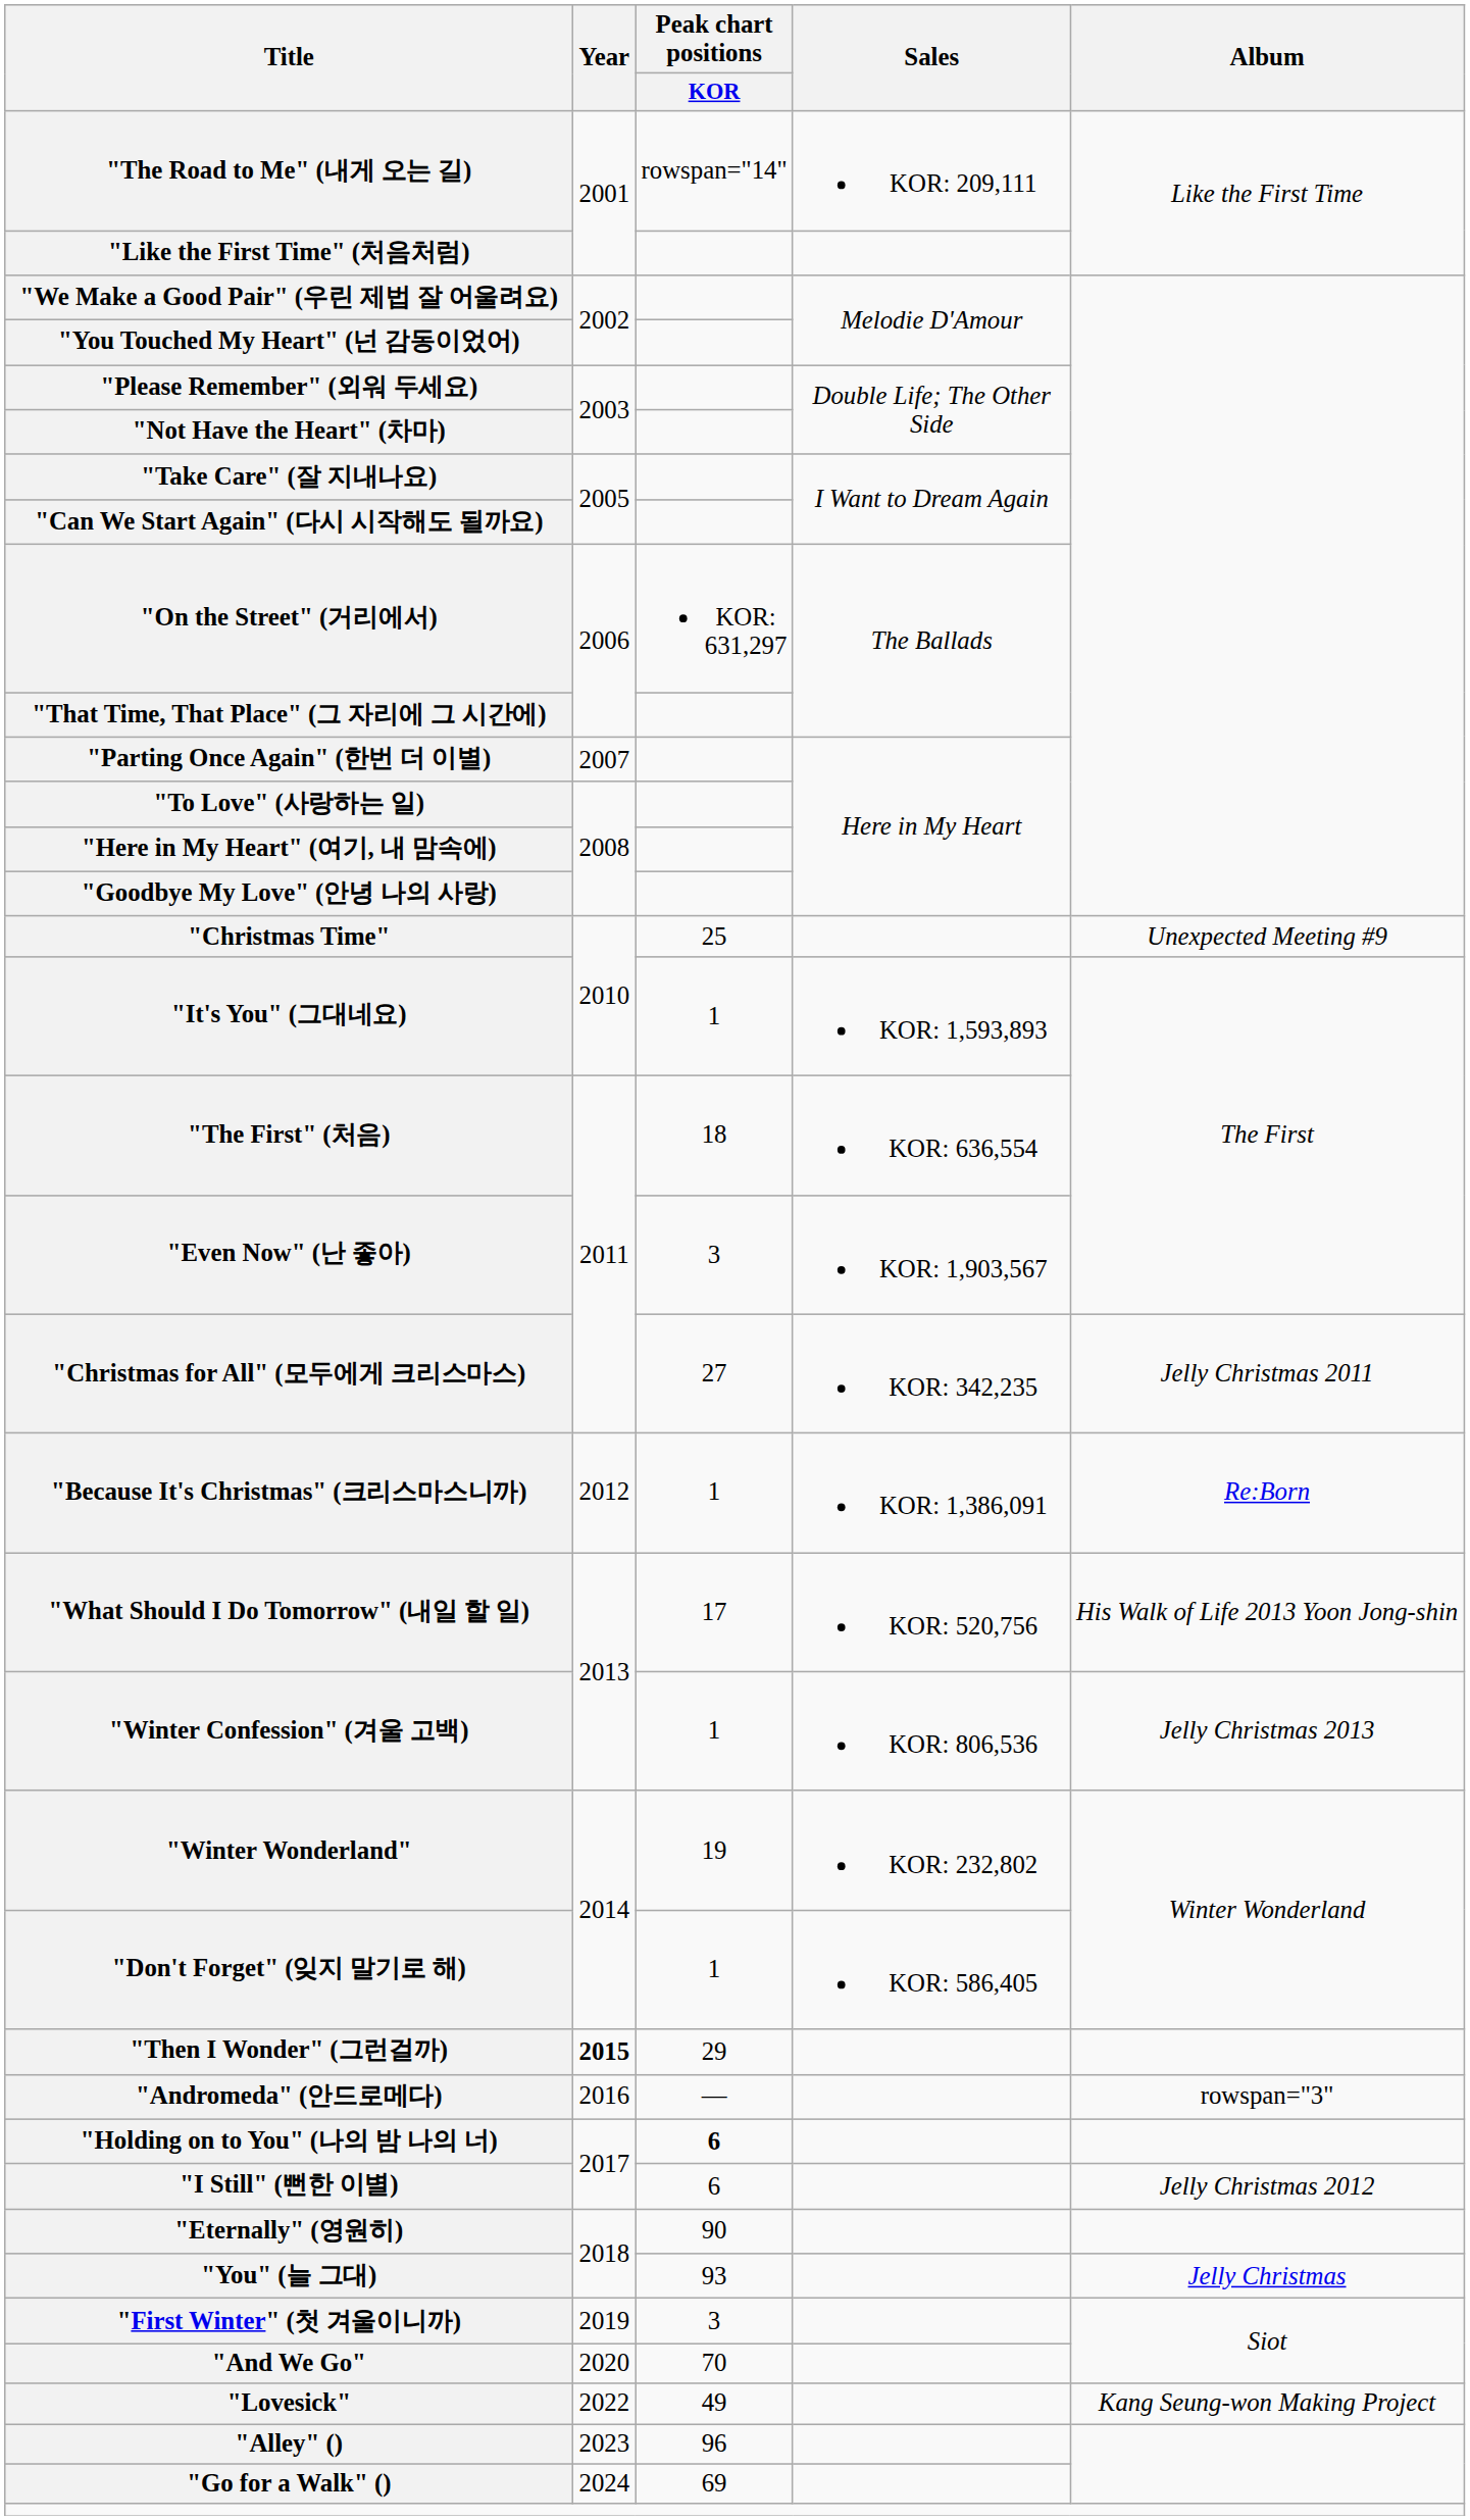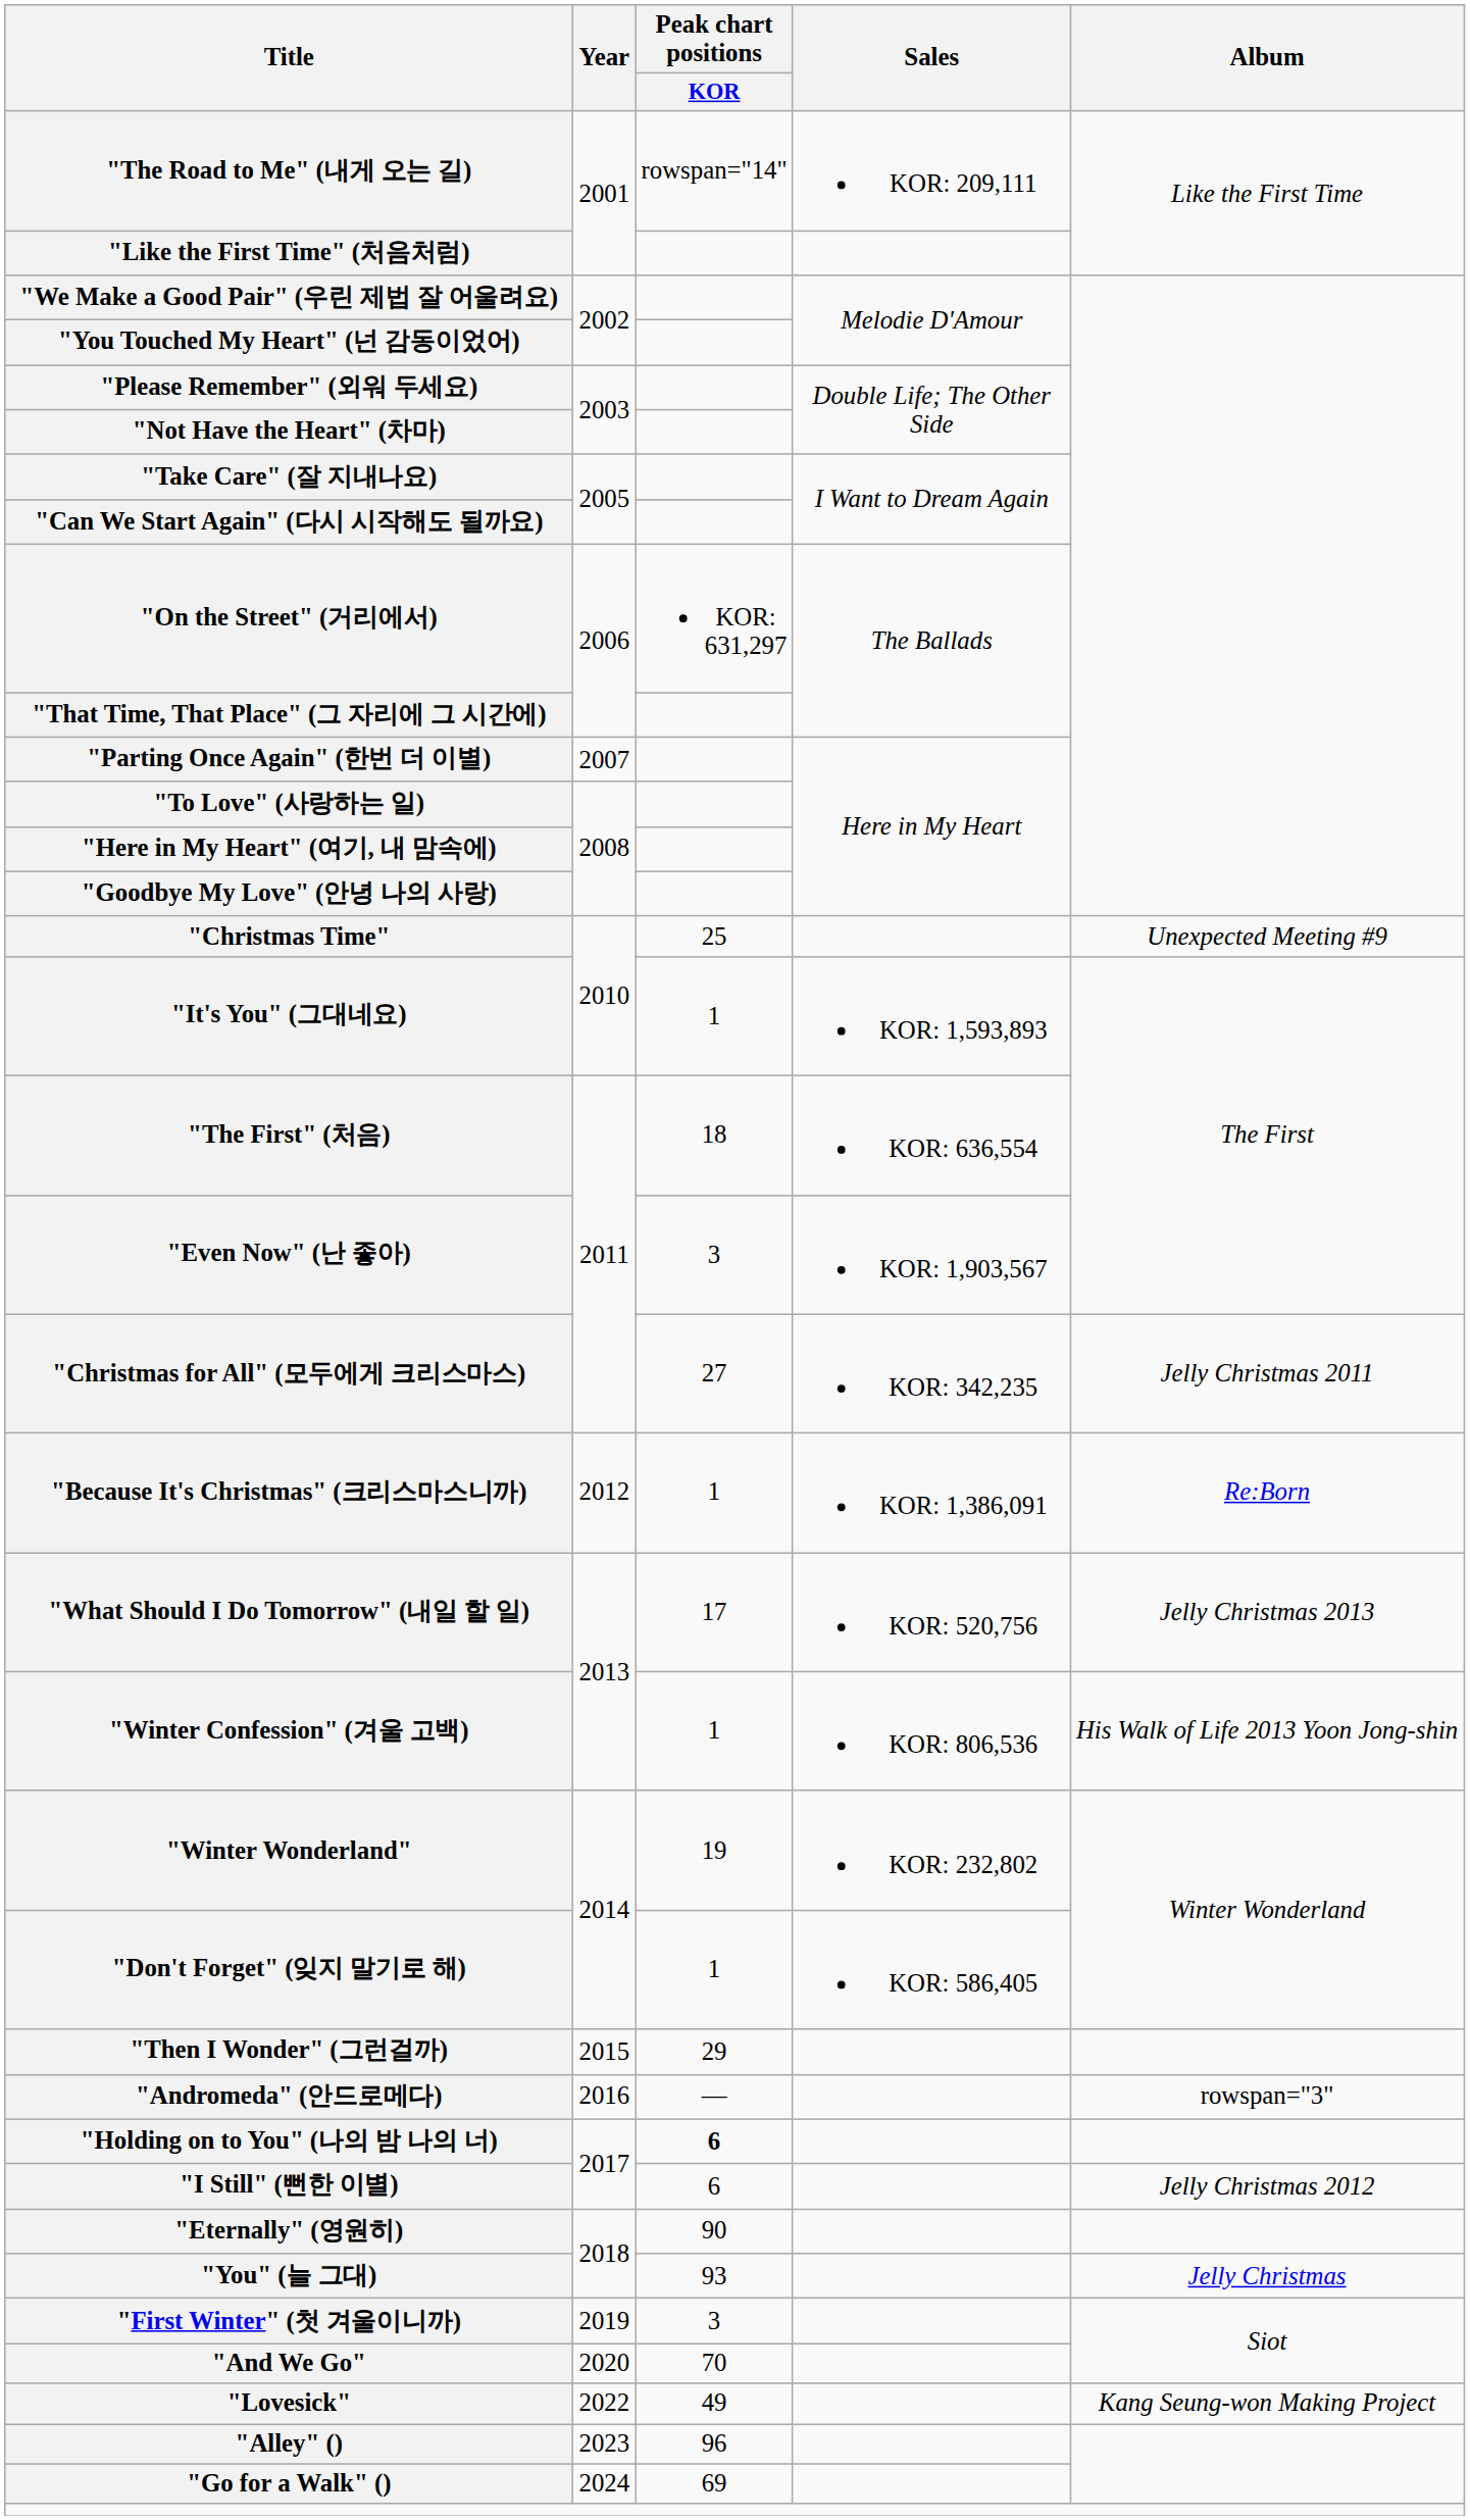 <table class="wikitable plainrowheaders" style="text-align:center;">
 <tr>
 <th rowspan="2" scope="col" style="width:22em;">Title</th>
 <th scope="col" rowspan="2">Year</th>
 <th scope="col" colspan="1">Peak chart positions</th>
 <th scope="col" rowspan="2" style="width:10.5em;">Sales</th>
 <th scope="col" rowspan="2">Album</th>
 </tr>
 <tr>
 <th scope="col" style="width:3em;font-size:90%;"><a href='#'>KOR</a><br></th>
 </tr>
 <tr>
 <th scope="row">"The Road to Me" (내게 오는 길)</th>
 <td rowspan="2">2001</td>
 <td>rowspan="14" </td>
 <td><br><ul><li>KOR: 209,111</li></ul></td>
 <td rowspan="2"><em>Like the First Time</em></td>
 </tr>
 <tr>
 <th scope="row">"Like the First Time" (처음처럼)</th>
 <td></td>
 </tr>
 <tr>
 <th scope="row">"We Make a Good Pair" (우린 제법 잘 어울려요)</th>
 <td rowspan="2">2002</td>
 <td></td>
 <td rowspan="2"><em>Melodie D'Amour</em></td>
 </tr>
 <tr>
 <th scope="row">"You Touched My Heart" (넌 감동이었어)</th>
 <td></td>
 </tr>
 <tr>
 <th scope="row">"Please Remember" (외워 두세요)</th>
 <td rowspan="2">2003</td>
 <td></td>
 <td rowspan="2"><em>Double Life; The Other Side</em></td>
 </tr>
 <tr>
 <th scope="row">"Not Have the Heart" (차마)</th>
 <td></td>
 </tr>
 <tr>
 <th scope="row">"Take Care" (잘 지내나요)</th>
 <td rowspan="2">2005</td>
 <td></td>
 <td rowspan="2"><em>I Want to Dream Again</em></td>
 </tr>
 <tr>
 <th scope="row">"Can We Start Again" (다시 시작해도 될까요)</th>
 <td></td>
 </tr>
 <tr>
 <th scope="row">"On the Street" (거리에서)</th>
 <td rowspan="2">2006</td>
 <td><br><ul><li>KOR: 631,297</li></ul></td>
 <td rowspan="2"><em>The Ballads</em></td>
 </tr>
 <tr>
 <th scope="row">"That Time, That Place" (그 자리에 그 시간에)</th>
 <td></td>
 </tr>
 <tr>
 <th scope="row">"Parting Once Again" (한번 더 이별)</th>
 <td>2007</td>
 <td></td>
 <td rowspan="4"><em>Here in My Heart</em></td>
 </tr>
 <tr>
 <th scope="row">"To Love" (사랑하는 일)</th>
 <td rowspan="3">2008</td>
 <td></td>
 </tr>
 <tr>
 <th scope="row">"Here in My Heart" (여기, 내 맘속에)</th>
 <td></td>
 </tr>
 <tr>
 <th scope="row">"Goodbye My Love" (안녕 나의 사랑)</th>
 <td></td>
 </tr>
 <tr>
 <th scope="row">"Christmas Time" </th>
 <td rowspan="2">2010</td>
 <td>25</td>
 <td></td>
 <td><em>Unexpected Meeting #9</em></td>
 </tr>
 <tr>
 <th scope="row">"It's You" (그대네요) </th>
 <td>1</td>
 <td><br><ul><li>KOR: 1,593,893</li></ul></td>
 <td rowspan="3"><em>The First</em></td>
 </tr>
 <tr>
 <th scope="row">"The First" (처음)</th>
 <td rowspan="3">2011</td>
 <td>18</td>
 <td><br><ul><li>KOR: 636,554</li></ul></td>
 </tr>
 <tr>
 <th scope="row">"Even Now" (난 좋아)</th>
 <td>3</td>
 <td><br><ul><li>KOR: 1,903,567</li></ul></td>
 </tr>
 <tr>
 <th scope="row">"Christmas for All" (모두에게 크리스마스) </th>
 <td>27</td>
 <td><br><ul><li>KOR: 342,235</li></ul></td>
 <td><em>Jelly Christmas 2011</em></td>
 </tr>
 <tr>
 <th scope="row">"Because It's Christmas" (크리스마스니까) </th>
 <td>2012</td>
 <td>1</td>
 <td><br><ul><li>KOR: 1,386,091</li></ul></td>
 <td><em><a href='#'>Re:Born</a></em></td>
 </tr>
 <tr>
 <th scope="row">"What Should I Do Tomorrow" (내일 할 일) </th>
 <td rowspan="2">2013</td>
 <td>17</td>
 <td><br><ul><li>KOR: 520,756</li></ul></td>
-<td><em>His Walk of Life 2013 Yoon Jong-shin</em></td>
+<td><em>Jelly Christmas 2013</em></td>
 </tr>
 <tr>
 <th scope="row">"Winter Confession" (겨울 고백) </th>
 <td>1</td>
 <td><br><ul><li>KOR: 806,536</li></ul></td>
-<td><em>Jelly Christmas 2013</em></td>
+<td><em>His Walk of Life 2013 Yoon Jong-shin</em></td>
 </tr>
 <tr>
 <th scope="row">"Winter Wonderland"</th>
 <td rowspan="2">2014</td>
 <td>19</td>
 <td><br><ul><li>KOR: 232,802</li></ul></td>
 <td rowspan="2"><em>Winter Wonderland</em></td>
 </tr>
 <tr>
 <th scope="row">"Don't Forget" (잊지 말기로 해) </th>
 <td>1</td>
 <td><br><ul><li>KOR: 586,405</li></ul></td>
 </tr>
 <tr>
 <th scope="row">"Then I Wonder" (그런걸까) </th>
-<td><strong>2015</strong></td>
+<td>2015</td>
 <td>29</td>
 <td></td>
 <td></td>
 </tr>
 <tr>
 <th scope="row">"Andromeda" (안드로메다) </th>
 <td>2016</td>
 <td>—</td>
 <td></td>
 <td>rowspan="3" </td>
 </tr>
 <tr>
 <th scope="row">"Holding on to You" (나의 밤 나의 너)</th>
 <td rowspan="2">2017</td>
 <td><strong>6</strong></td>
 <td></td>
 <td></td>
 </tr>
 <tr>
 <th scope="row">"I Still" (뻔한 이별) </th>
 <td>6</td>
 <td></td>
 <td><em>Jelly Christmas 2012</em></td>
 </tr>
 <tr>
 <th scope="row">"Eternally" (영원히)</th>
 <td rowspan="2">2018</td>
 <td>90</td>
 <td></td>
 <td></td>
 </tr>
 <tr>
 <th scope="row">"You" (늘 그대) </th>
 <td>93</td>
 <td></td>
 <td><em><a href='#'>Jelly Christmas</a></em></td>
 </tr>
 <tr>
 <th scope="row">"<a href='#'>First Winter</a>" (첫 겨울이니까) </th>
 <td>2019</td>
 <td>3</td>
 <td></td>
 <td rowspan=2><em>Siot</em></td>
 </tr>
 <tr>
 <th scope="row">"And We Go"</th>
 <td>2020</td>
 <td>70</td>
 <td></td>
 </tr>
 <tr>
 <th scope="row">"Lovesick"</th>
 <td>2022</td>
 <td>49</td>
 <td></td>
 <td><em>Kang Seung-won Making Project</em></td>
 </tr>
 <tr>
 <th scope="row">"Alley" () </th>
 <td>2023</td>
 <td>96</td>
 <td></td>
 </tr>
 <tr>
 <th scope="row">"Go for a Walk" ()</th>
 <td>2024</td>
 <td>69</td>
 <td></td>
 </tr>
 <tr>
 <td colspan="6"></td>
 </tr>
 </table>
